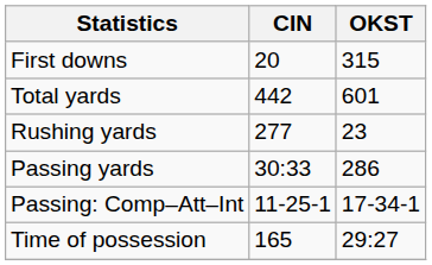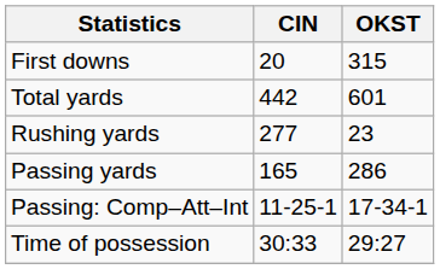 <table class="wikitable" style="float: left;">
 <tr>
 <th>Statistics</th>
 <th>CIN</th>
 <th>OKST</th>
 </tr>
 <tr>
 <td>First downs</td>
 <td>20</td>
 <td>315</td>
 </tr>
 <tr>
 <td>Total yards</td>
 <td>442</td>
 <td>601</td>
 </tr>
 <tr>
 <td>Rushing yards</td>
 <td>277</td>
 <td>23</td>
 </tr>
 <tr>
 <td>Passing yards</td>
-<td>30:33</td>
+<td>165</td>
 <td>286</td>
 </tr>
 <tr>
 <td>Passing: Comp–Att–Int</td>
 <td>11-25-1</td>
 <td>17-34-1</td>
 </tr>
 <tr>
 <td>Time of possession</td>
-<td>165</td>
+<td>30:33</td>
 <td>29:27</td>
 </tr>
 <tr>
 </tr>
 </table>
